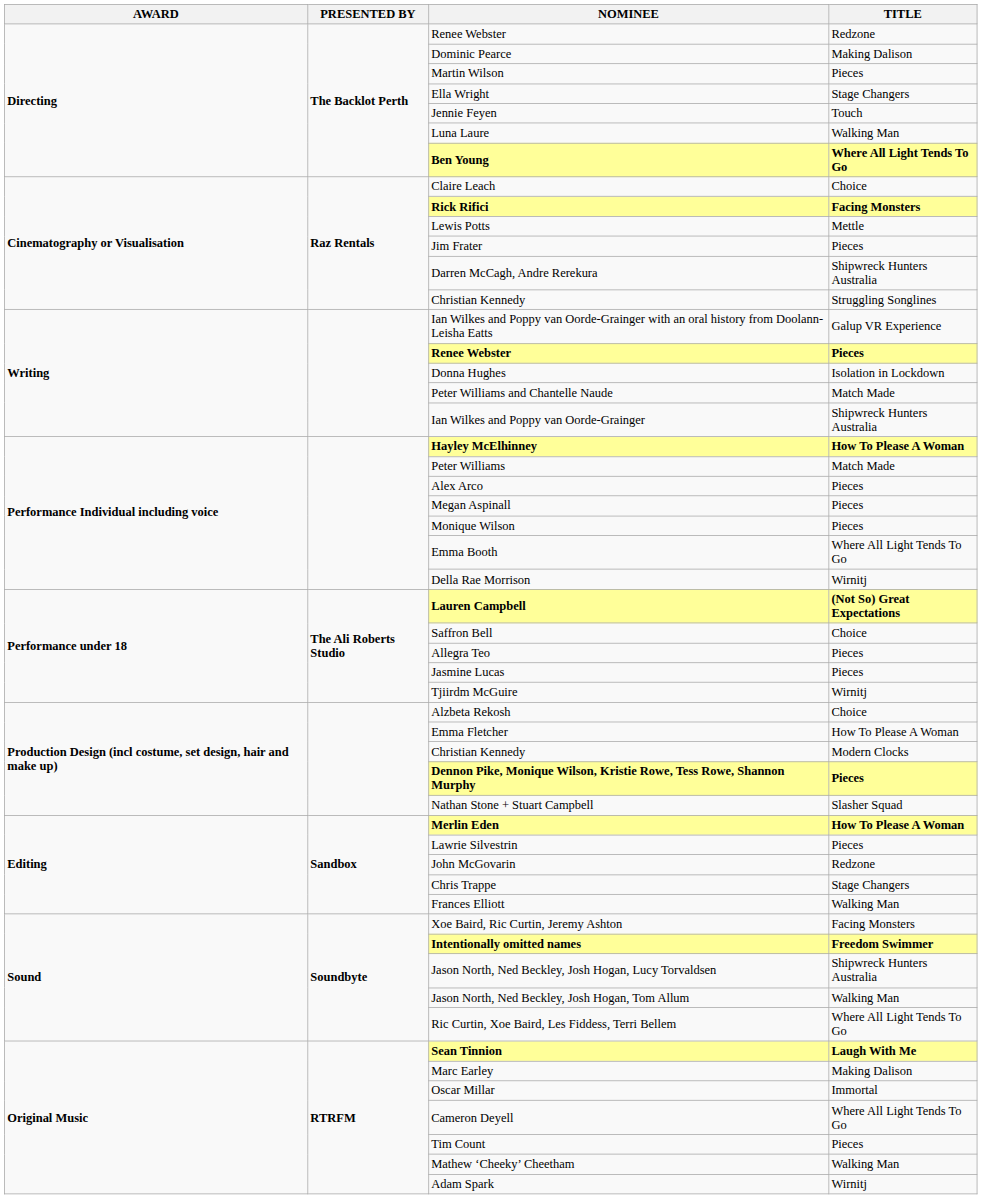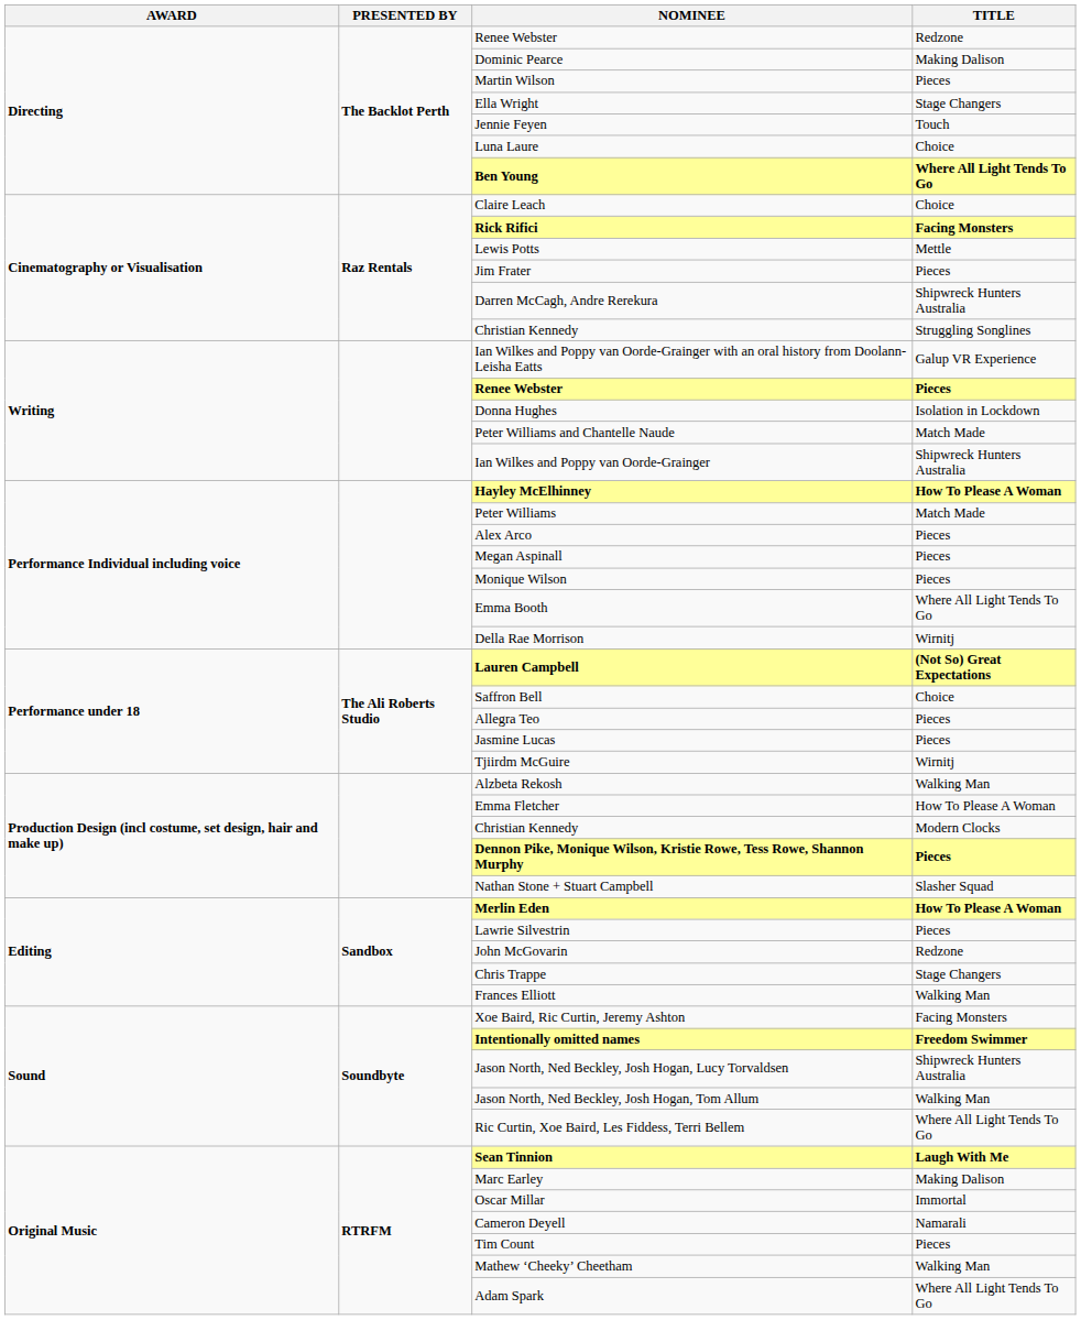 <table class="wikitable sortable mw-collapsible">
 <tr>
 <th>AWARD</th>
 <th>PRESENTED BY</th>
 <th>NOMINEE</th>
 <th>TITLE</th>
 </tr>
 <tr>
 <td rowspan="7"><strong>Directing</strong></td>
 <td rowspan="7"><strong>The Backlot Perth</strong></td>
 <td>Renee Webster</td>
 <td>Redzone</td>
 </tr>
 <tr>
 <td>Dominic Pearce</td>
 <td>Making Dalison</td>
 </tr>
 <tr>
 <td>Martin Wilson</td>
 <td>Pieces</td>
 </tr>
 <tr>
 <td>Ella Wright</td>
 <td>Stage Changers</td>
 </tr>
 <tr>
 <td>Jennie Feyen</td>
 <td>Touch</td>
 </tr>
 <tr>
 <td>Luna Laure</td>
-<td>Walking Man</td>
+<td>Choice</td>
 </tr>
 <tr>
 <td style="background:#ff9;"><strong>Ben Young</strong></td>
 <td style="background:#ff9;"><strong>Where All Light Tends To Go</strong></td>
 </tr>
 <tr>
 <td rowspan="6"><strong>Cinematography or Visualisation</strong></td>
 <td rowspan="6"><strong>Raz Rentals</strong></td>
 <td>Claire Leach</td>
 <td>Choice</td>
 </tr>
 <tr>
 <td style="background:#ff9;"><strong>Rick Rifici</strong></td>
 <td style="background:#ff9;"><strong>Facing Monsters</strong></td>
 </tr>
 <tr>
 <td>Lewis Potts</td>
 <td>Mettle</td>
 </tr>
 <tr>
 <td>Jim Frater</td>
 <td>Pieces</td>
 </tr>
 <tr>
 <td>Darren McCagh, Andre Rerekura</td>
 <td>Shipwreck Hunters Australia</td>
 </tr>
 <tr>
 <td>Christian Kennedy</td>
 <td>Struggling Songlines</td>
 </tr>
 <tr>
 <td rowspan="5"><strong>Writing</strong></td>
 <td rowspan="5"></td>
 <td>Ian Wilkes and Poppy van Oorde-Grainger with an oral history from Doolann-Leisha Eatts</td>
 <td>Galup VR Experience</td>
 </tr>
 <tr>
 <td style="background:#ff9;"><strong>Renee Webster</strong></td>
 <td style="background:#ff9;"><strong>Pieces</strong></td>
 </tr>
 <tr>
 <td>Donna Hughes</td>
 <td>Isolation in Lockdown</td>
 </tr>
 <tr>
 <td>Peter Williams and Chantelle Naude</td>
 <td>Match Made</td>
 </tr>
 <tr>
 <td>Ian Wilkes and Poppy van Oorde-Grainger</td>
 <td>Shipwreck Hunters Australia</td>
 </tr>
 <tr>
 <td rowspan="7"><strong>Performance Individual including voice</strong></td>
 <td rowspan="7"></td>
 <td style="background:#ff9;"><strong>Hayley McElhinney</strong></td>
 <td style="background:#ff9;"><strong>How To Please A Woman</strong></td>
 </tr>
 <tr>
 <td>Peter Williams</td>
 <td>Match Made</td>
 </tr>
 <tr>
 <td>Alex Arco</td>
 <td>Pieces</td>
 </tr>
 <tr>
 <td>Megan Aspinall</td>
 <td>Pieces</td>
 </tr>
 <tr>
 <td>Monique Wilson</td>
 <td>Pieces</td>
 </tr>
 <tr>
 <td>Emma Booth</td>
 <td>Where All Light Tends To Go</td>
 </tr>
 <tr>
 <td>Della Rae Morrison</td>
 <td>Wirnitj</td>
 </tr>
 <tr>
 <td rowspan="5"><strong>Performance under 18</strong></td>
 <td rowspan="5"><strong>The Ali Roberts Studio</strong></td>
 <td style="background:#ff9;"><strong>Lauren Campbell</strong></td>
 <td style="background:#ff9;"><strong>(Not So) Great Expectations</strong></td>
 </tr>
 <tr>
 <td>Saffron Bell</td>
 <td>Choice</td>
 </tr>
 <tr>
 <td>Allegra Teo</td>
 <td>Pieces</td>
 </tr>
 <tr>
 <td>Jasmine Lucas</td>
 <td>Pieces</td>
 </tr>
 <tr>
 <td>Tjiirdm McGuire</td>
 <td>Wirnitj</td>
 </tr>
 <tr>
 <td rowspan="5"><strong>Production Design (incl costume, set design, hair and make up)</strong></td>
 <td rowspan="5"></td>
 <td>Alzbeta Rekosh</td>
-<td>Choice</td>
+<td>Walking Man</td>
 </tr>
 <tr>
 <td>Emma Fletcher</td>
 <td>How To Please A Woman</td>
 </tr>
 <tr>
 <td>Christian Kennedy</td>
 <td>Modern Clocks</td>
 </tr>
 <tr>
 <td style="background:#ff9;"><strong>Dennon Pike, Monique Wilson, Kristie Rowe, Tess Rowe, Shannon Murphy</strong></td>
 <td style="background:#ff9;"><strong>Pieces</strong></td>
 </tr>
 <tr>
 <td>Nathan Stone + Stuart Campbell</td>
 <td>Slasher Squad</td>
 </tr>
 <tr>
 <td rowspan="5"><strong>Editing</strong></td>
 <td rowspan="5"><strong>Sandbox</strong></td>
 <td style="background:#ff9;"><strong>Merlin Eden</strong></td>
 <td style="background:#ff9;"><strong>How To Please A Woman</strong></td>
 </tr>
 <tr>
 <td>Lawrie Silvestrin</td>
 <td>Pieces</td>
 </tr>
 <tr>
 <td>John McGovarin</td>
 <td>Redzone</td>
 </tr>
 <tr>
 <td>Chris Trappe</td>
 <td>Stage Changers</td>
 </tr>
 <tr>
 <td>Frances Elliott</td>
 <td>Walking Man</td>
 </tr>
 <tr>
 <td rowspan="5"><strong>Sound</strong></td>
 <td rowspan="5"><strong>Soundbyte</strong></td>
 <td>Xoe Baird, Ric Curtin, Jeremy Ashton</td>
 <td>Facing Monsters</td>
 </tr>
 <tr>
 <td style="background:#ff9;"><strong>Intentionally omitted names</strong></td>
 <td style="background:#ff9;"><strong>Freedom Swimmer</strong></td>
 </tr>
 <tr>
 <td>Jason North, Ned Beckley, Josh Hogan, Lucy Torvaldsen</td>
 <td>Shipwreck Hunters Australia</td>
 </tr>
 <tr>
 <td>Jason North, Ned Beckley, Josh Hogan, Tom Allum</td>
 <td>Walking Man</td>
 </tr>
 <tr>
 <td>Ric Curtin, Xoe Baird, Les Fiddess, Terri Bellem</td>
 <td>Where All Light Tends To Go</td>
 </tr>
 <tr>
 <td rowspan="7"><strong>Original Music</strong></td>
 <td rowspan="7"><strong>RTRFM</strong></td>
 <td style="background:#ff9;"><strong>Sean Tinnion</strong></td>
 <td style="background:#ff9;"><strong>Laugh With Me</strong></td>
 </tr>
 <tr>
 <td>Marc Earley</td>
 <td>Making Dalison</td>
 </tr>
 <tr>
 <td>Oscar Millar</td>
 <td>Immortal</td>
 </tr>
 <tr>
 <td>Cameron Deyell</td>
-<td>Where All Light Tends To Go</td>
+<td>Namarali</td>
 </tr>
 <tr>
 <td>Tim Count</td>
 <td>Pieces</td>
 </tr>
 <tr>
 <td>Mathew ‘Cheeky’ Cheetham</td>
 <td>Walking Man</td>
 </tr>
 <tr>
 <td>Adam Spark</td>
-<td>Wirnitj</td>
+<td>Where All Light Tends To Go</td>
 </tr>
 </table>
